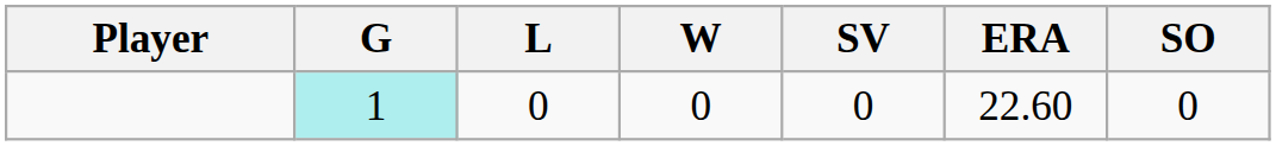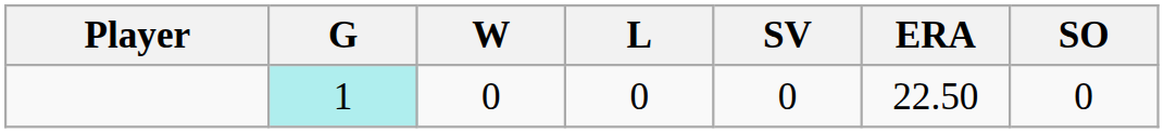 <table class="wikitable sortable">
 <tr>
 <th bgcolor="#DDDDFF" width="16%">Player</th>
 <th bgcolor="#DDDDFF" width="9%">G</th>
+<th bgcolor="#DDDDFF" width="9%">W</th>
 <th bgcolor="#DDDDFF" width="9%">L</th>
-<th bgcolor="#DDDDFF" width="9%">W</th>
 <th bgcolor="#DDDDFF" width="9%">SV</th>
 <th bgcolor="#DDDDFF" width="9%">ERA</th>
 <th bgcolor="#DDDDFF" width="9%">SO</th>
 </tr>
 <tr align="center">
 <td></td>
 <td style="background: paleturquoise;">1</td>
 <td>0</td>
 <td>0</td>
 <td>0</td>
-<td>22.60</td>
+<td>22.50</td>
 <td>0</td>
 </tr>
 </table>
